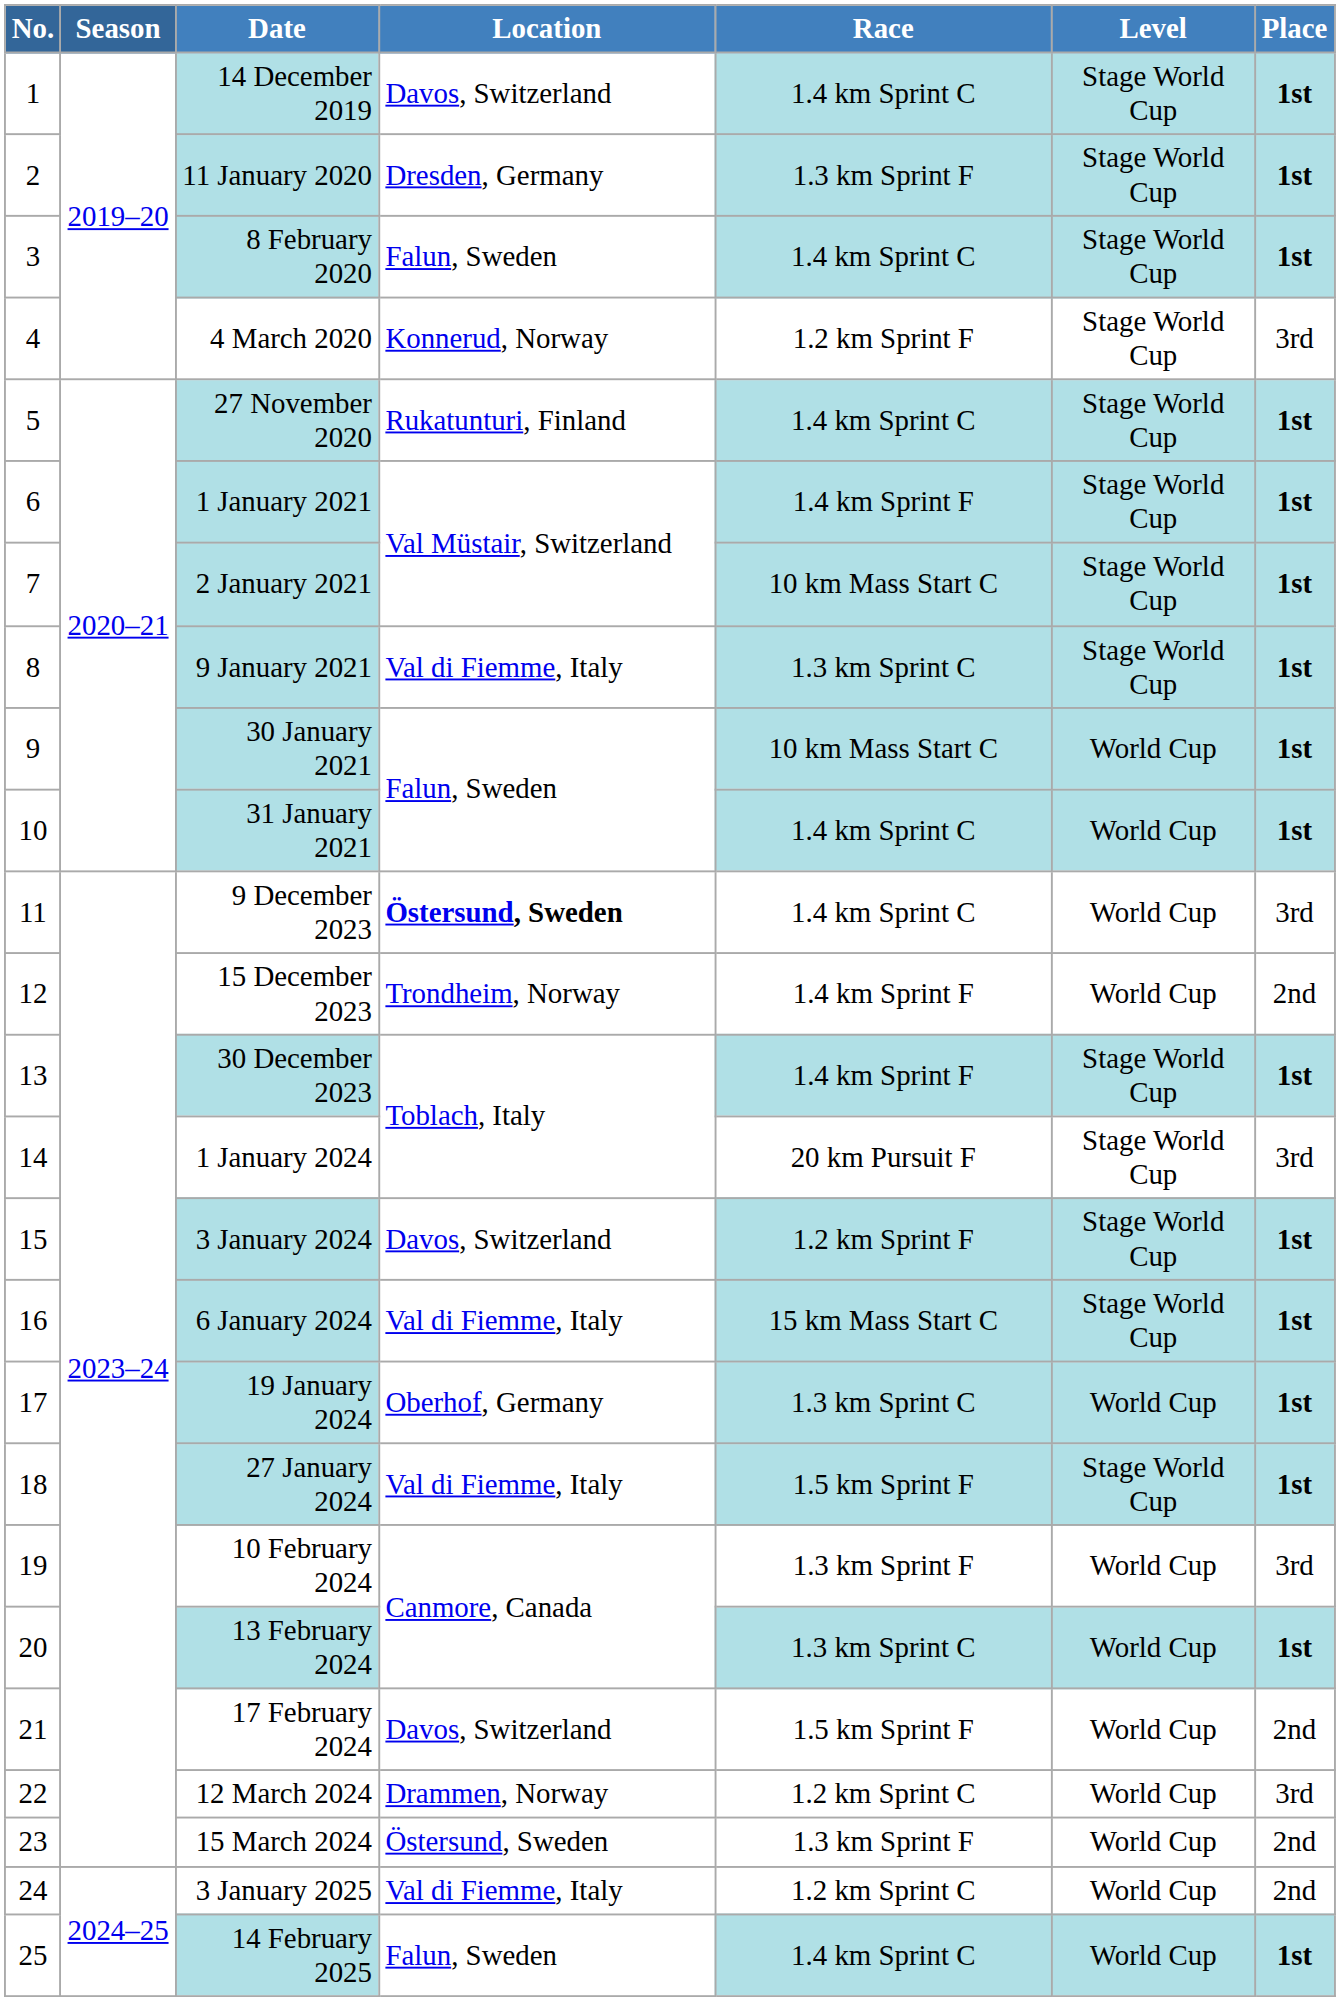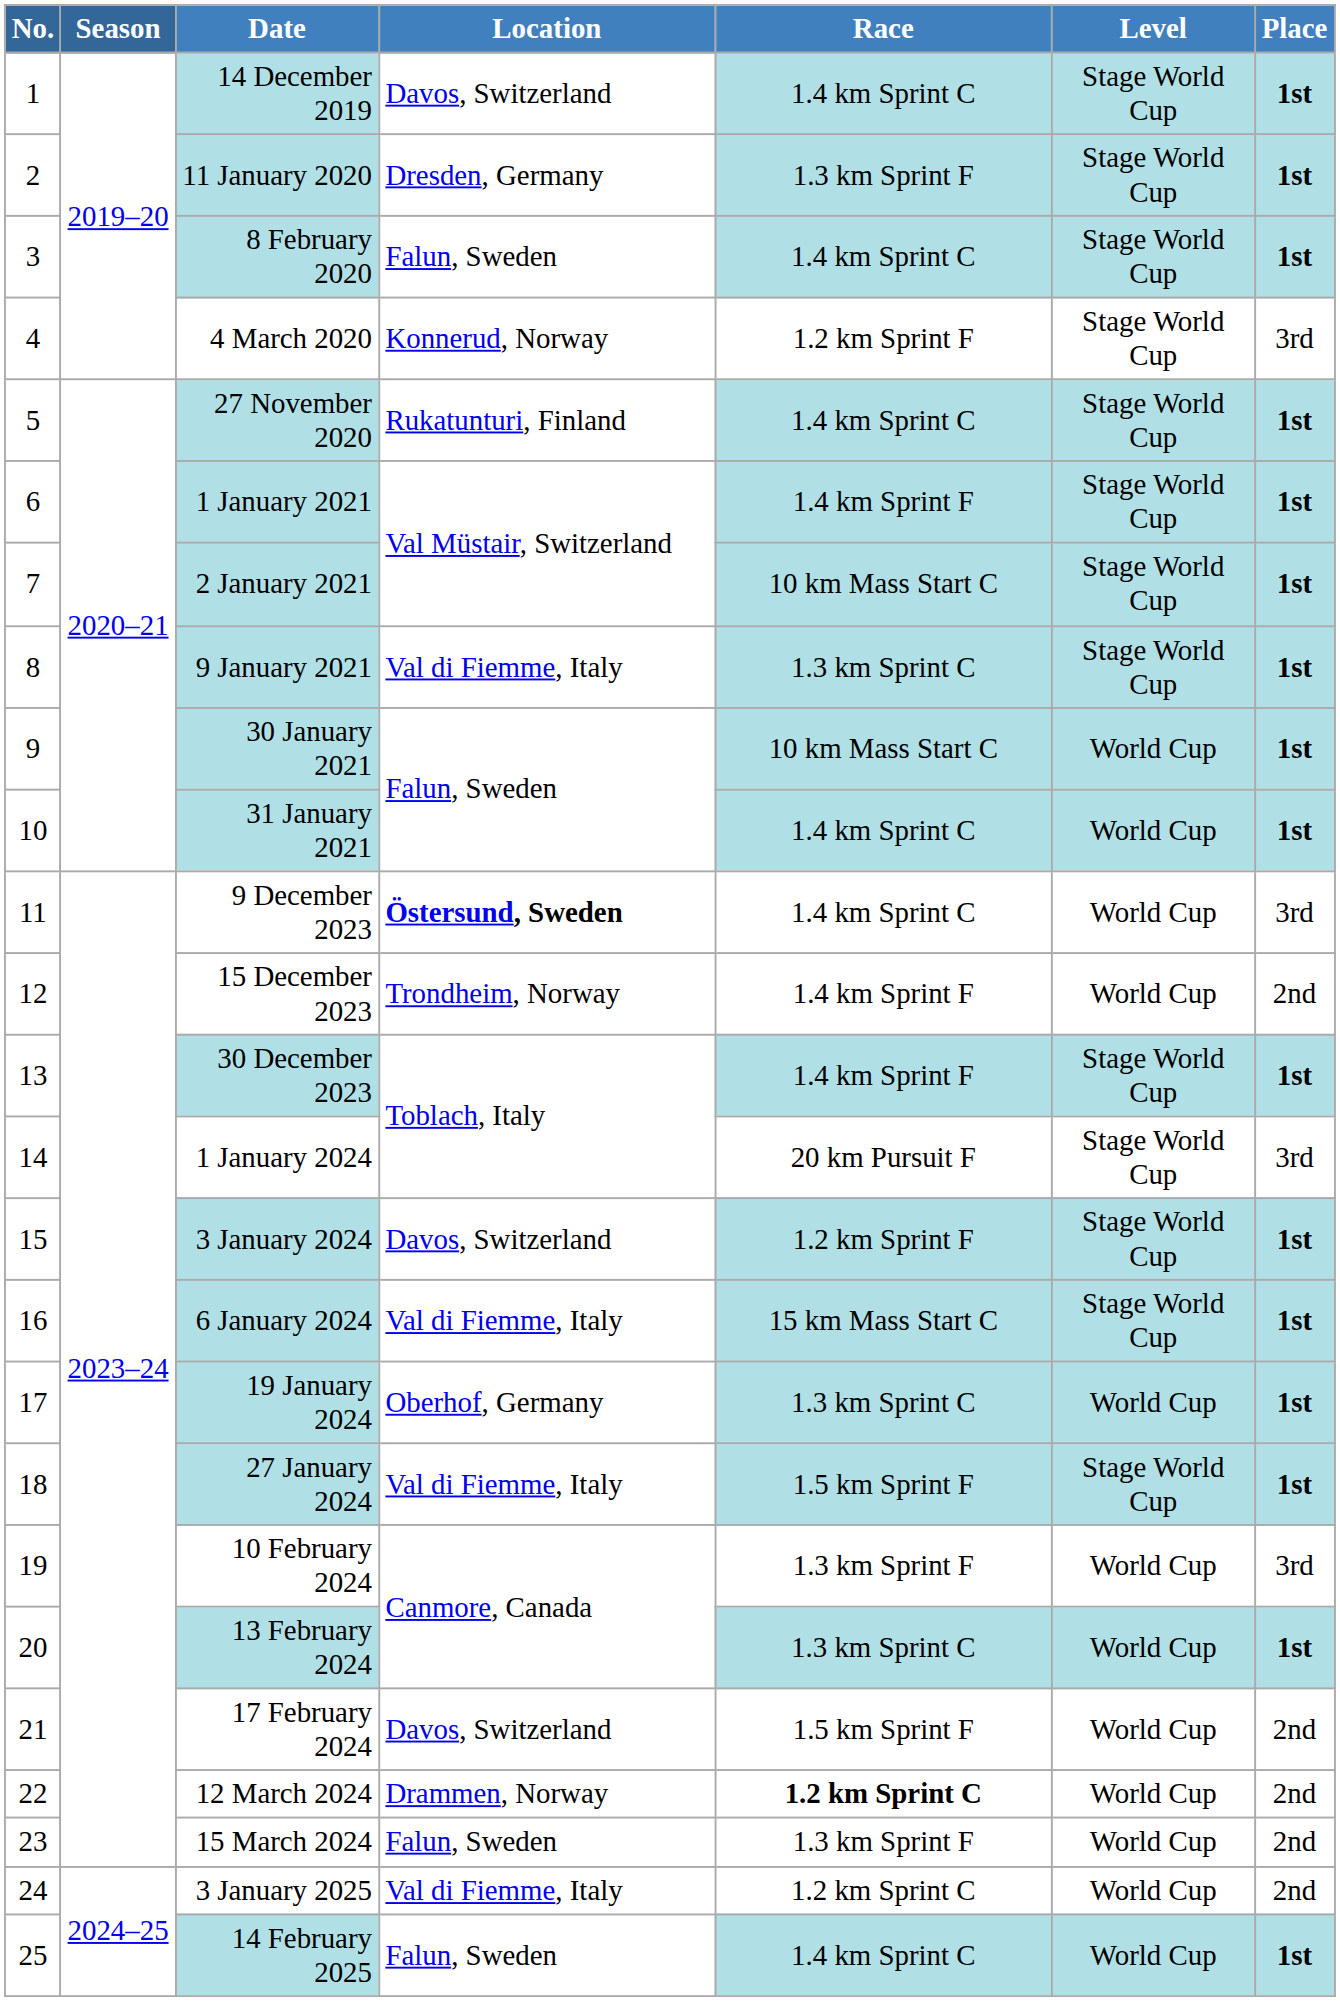 <table class="wikitable sortable" style="font-size:95%; text-align:center; border:grey solid 1px; border-collapse:collapse; background:#ffffff;">
 <tr style="background:#efefef;">
 <th style="background-color:#369; color:white;">No.</th>
 <th style="background-color:#369; color:white;">Season</th>
 <th style="background-color:#4180be; color:white; width:100px;">Date</th>
 <th style="background-color:#4180be; color:white; width:170px;">Location</th>
 <th style="background-color:#4180be; color:white; width:170px;">Race</th>
 <th style="background-color:#4180be; color:white; width:100px;">Level</th>
 <th style="background-color:#4180be; color:white;">Place</th>
 </tr>
 <tr>
 <td align=center>1</td>
 <td rowspan=4 align=center><a href='#'>2019–20</a></td>
 <td bgcolor="#BOEOE6" align=right>14 December 2019</td>
 <td align=left> <a href='#'>Davos</a>, Switzerland</td>
 <td bgcolor="#BOEOE6">1.4 km Sprint C</td>
 <td bgcolor="#BOEOE6">Stage World Cup</td>
 <td bgcolor="#BOEOE6"><strong>1st</strong></td>
 </tr>
 <tr>
 <td align=center>2</td>
 <td bgcolor="#BOEOE6" align=right>11 January 2020</td>
 <td align=left> <a href='#'>Dresden</a>, Germany</td>
 <td bgcolor="#BOEOE6">1.3 km Sprint F</td>
 <td bgcolor="#BOEOE6">Stage World Cup</td>
 <td bgcolor="#BOEOE6"><strong>1st</strong></td>
 </tr>
 <tr>
 <td align=center>3</td>
 <td bgcolor="#BOEOE6" align=right>8 February 2020</td>
 <td align=left> <a href='#'>Falun</a>, Sweden</td>
 <td bgcolor="#BOEOE6">1.4 km Sprint C</td>
 <td bgcolor="#BOEOE6">Stage World Cup</td>
 <td bgcolor="#BOEOE6"><strong>1st</strong></td>
 </tr>
 <tr>
 <td align=center>4</td>
 <td align=right>4 March 2020</td>
 <td align=left> <a href='#'>Konnerud</a>, Norway</td>
 <td>1.2 km Sprint F</td>
 <td>Stage World Cup</td>
 <td>3rd</td>
 </tr>
 <tr>
 <td align=center>5</td>
 <td rowspan=6 align=center><a href='#'>2020–21</a></td>
 <td bgcolor="#BOEOE6" align=right>27 November 2020</td>
 <td align=left> <a href='#'>Rukatunturi</a>, Finland</td>
 <td bgcolor="#BOEOE6">1.4 km Sprint C</td>
 <td bgcolor="#BOEOE6">Stage World Cup</td>
 <td bgcolor="#BOEOE6"><strong>1st</strong></td>
 </tr>
 <tr>
 <td align=center>6</td>
 <td bgcolor="#BOEOE6" align=right>1 January 2021</td>
 <td rowspan=2 align=left> <a href='#'>Val Müstair</a>, Switzerland</td>
 <td bgcolor="#BOEOE6">1.4 km Sprint F</td>
 <td bgcolor="#BOEOE6"Stage>Stage World Cup</td>
 <td bgcolor="#BOEOE6"><strong>1st</strong></td>
 </tr>
 <tr>
 <td align=center>7</td>
 <td bgcolor="#BOEOE6" align=right>2 January 2021</td>
 <td bgcolor="#BOEOE6">10 km Mass Start C</td>
 <td bgcolor="#BOEOE6"Stage>Stage World Cup</td>
 <td bgcolor="#BOEOE6"><strong>1st</strong></td>
 </tr>
 <tr>
 <td align=center>8</td>
 <td bgcolor="#BOEOE6" align=right>9 January 2021</td>
 <td align=left> <a href='#'>Val di Fiemme</a>, Italy</td>
 <td bgcolor="#BOEOE6">1.3 km Sprint C</td>
 <td bgcolor="#BOEOE6"Stage>Stage World Cup</td>
 <td bgcolor="#BOEOE6"><strong>1st</strong></td>
 </tr>
 <tr>
 <td align=center>9</td>
 <td bgcolor="#BOEOE6" align=right>30 January 2021</td>
 <td rowspan=2 align=left> <a href='#'>Falun</a>, Sweden</td>
 <td bgcolor="#BOEOE6">10 km Mass Start C</td>
 <td bgcolor="#BOEOE6"Stage>World Cup</td>
 <td bgcolor="#BOEOE6"><strong>1st</strong></td>
 </tr>
 <tr>
 <td align=center>10</td>
 <td bgcolor="#BOEOE6" align=right>31 January 2021</td>
 <td bgcolor="#BOEOE6">1.4 km Sprint C</td>
 <td bgcolor="#BOEOE6"Stage>World Cup</td>
 <td bgcolor="#BOEOE6"><strong>1st</strong></td>
 </tr>
 <tr>
 <td align=center>11</td>
 <td rowspan=13 align=center><a href='#'>2023–24</a></td>
 <td align=right>9 December 2023</td>
 <td align=left><strong> <a href='#'>Östersund</a>, Sweden</strong></td>
 <td>1.4 km Sprint C</td>
 <td>World Cup</td>
 <td>3rd</td>
 </tr>
 <tr>
 <td align=center>12</td>
 <td align=right>15 December 2023</td>
 <td align=left> <a href='#'>Trondheim</a>, Norway</td>
 <td>1.4 km Sprint F</td>
 <td>World Cup</td>
 <td>2nd</td>
 </tr>
 <tr>
 <td align=center>13</td>
 <td bgcolor="#BOEOE6" align=right>30 December 2023</td>
 <td rowspan=2 align=left> <a href='#'>Toblach</a>, Italy</td>
 <td bgcolor="#BOEOE6">1.4 km Sprint F</td>
 <td bgcolor="#BOEOE6">Stage World Cup</td>
 <td bgcolor="#BOEOE6"><strong>1st</strong></td>
 </tr>
 <tr>
 <td align=center>14</td>
 <td align=right>1 January 2024</td>
 <td>20 km Pursuit F</td>
 <td>Stage World Cup</td>
 <td>3rd</td>
 </tr>
 <tr>
 <td align=center>15</td>
 <td bgcolor="#BOEOE6" align=right>3 January 2024</td>
 <td align=left> <a href='#'>Davos</a>, Switzerland</td>
 <td bgcolor="#BOEOE6">1.2 km Sprint F</td>
 <td bgcolor="#BOEOE6">Stage World Cup</td>
 <td bgcolor="#BOEOE6"><strong>1st</strong></td>
 </tr>
 <tr>
 <td align=center>16</td>
 <td bgcolor="#BOEOE6" align=right>6 January 2024</td>
 <td align=left> <a href='#'>Val di Fiemme</a>, Italy</td>
 <td bgcolor="#BOEOE6">15 km Mass Start C</td>
 <td bgcolor="#BOEOE6">Stage World Cup</td>
 <td bgcolor="#BOEOE6"><strong>1st</strong></td>
 </tr>
 <tr>
 <td align=center>17</td>
 <td bgcolor="#BOEOE6" align=right>19 January 2024</td>
 <td align=left> <a href='#'>Oberhof</a>, Germany</td>
 <td bgcolor="#BOEOE6">1.3 km Sprint C</td>
 <td bgcolor="#BOEOE6">World Cup</td>
 <td bgcolor="#BOEOE6"><strong>1st</strong></td>
 </tr>
 <tr>
 <td align=center>18</td>
 <td bgcolor="#BOEOE6" align=right>27 January 2024</td>
 <td align=left> <a href='#'>Val di Fiemme</a>, Italy</td>
 <td bgcolor="#BOEOE6">1.5 km Sprint F</td>
 <td bgcolor="#BOEOE6"Stage>Stage World Cup</td>
 <td bgcolor="#BOEOE6"><strong>1st</strong></td>
 </tr>
 <tr>
 <td align=center>19</td>
 <td align=right>10 February 2024</td>
 <td align=left rowspan=2> <a href='#'>Canmore</a>, Canada</td>
 <td>1.3 km Sprint F</td>
 <td>World Cup</td>
 <td>3rd</td>
 </tr>
 <tr>
 <td align=center>20</td>
 <td bgcolor="#BOEOE6" align=right>13 February 2024</td>
 <td bgcolor="#BOEOE6">1.3 km Sprint C</td>
 <td bgcolor="#BOEOE6">World Cup</td>
 <td bgcolor="#BOEOE6"><strong>1st</strong></td>
 </tr>
 <tr>
 <td align=center>21</td>
 <td align=right>17 February 2024</td>
 <td align=left> <a href='#'>Davos</a>, Switzerland</td>
 <td>1.5 km Sprint F</td>
 <td>World Cup</td>
 <td>2nd</td>
 </tr>
 <tr>
 <td align=center>22</td>
 <td align=right>12 March 2024</td>
 <td align=left> <a href='#'>Drammen</a>, Norway</td>
-<td>1.2 km Sprint C</td>
+<td><strong>1.2 km Sprint C</strong></td>
 <td>World Cup</td>
-<td>3rd</td>
+<td>2nd</td>
 </tr>
 <tr>
 <td align=center>23</td>
 <td align=right>15 March 2024</td>
-<td align=left> <a href='#'>Östersund</a>, Sweden</td>
+<td align=left> <a href='#'>Falun</a>, Sweden</td>
 <td>1.3 km Sprint F</td>
 <td>World Cup</td>
 <td>2nd</td>
 </tr>
 <tr>
 <td align=center>24</td>
 <td rowspan=2 align=center><a href='#'>2024–25</a></td>
 <td align=right>3 January 2025</td>
 <td align=left> <a href='#'>Val di Fiemme</a>, Italy</td>
 <td>1.2 km Sprint C</td>
 <td>World Cup</td>
 <td>2nd</td>
 </tr>
 <tr>
 <td align=center>25</td>
 <td bgcolor="#BOEOE6" align=right>14 February 2025</td>
 <td align=left> <a href='#'>Falun</a>, Sweden</td>
 <td bgcolor="#BOEOE6">1.4 km Sprint C</td>
 <td bgcolor="#BOEOE6">World Cup</td>
 <td bgcolor="#BOEOE6"><strong>1st</strong></td>
 </tr>
 </table>
